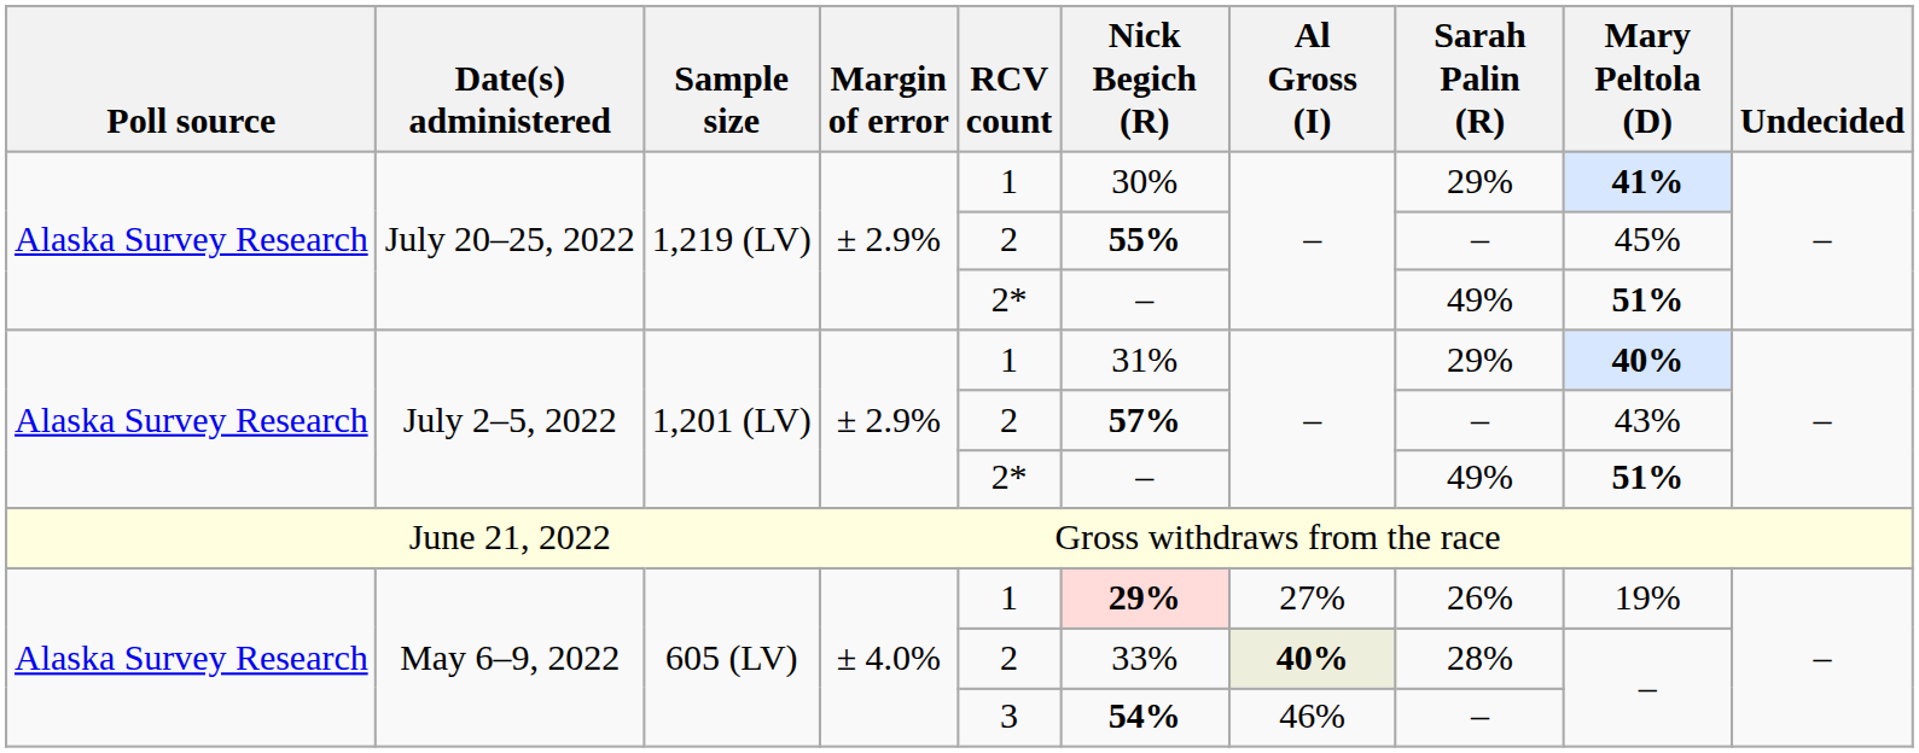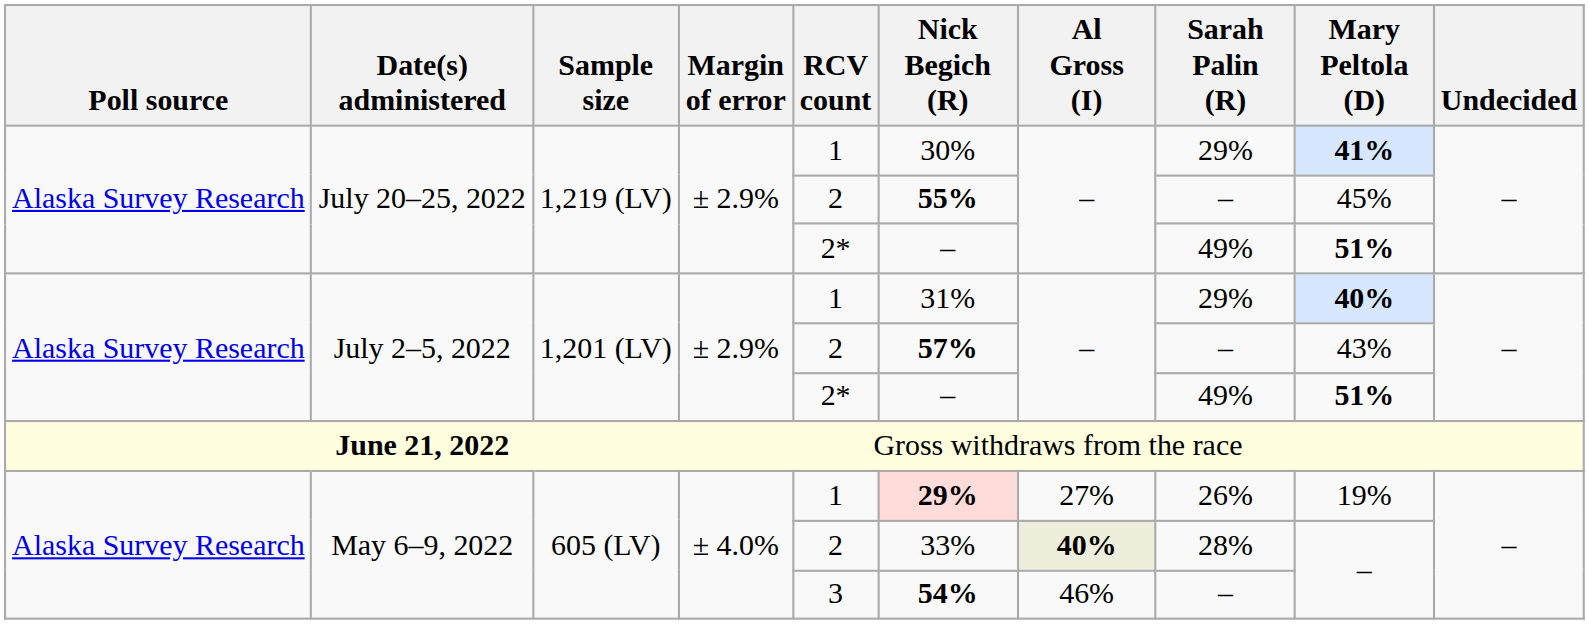 <table class="wikitable" style="font-size:90%;text-align:center;">
 <tr valign=bottom>
 <th>Poll source</th>
 <th>Date(s)<br>administered</th>
 <th>Sample<br>size</th>
 <th>Margin<br>of error</th>
 <th>RCV<br>count</th>
 <th style="width:60px;">Nick<br>Begich<br>(R)</th>
 <th style="width:60px;">Al<br>Gross<br>(I)</th>
 <th style="width:60px;">Sarah<br>Palin<br>(R)</th>
 <th style="width:60px;">Mary<br>Peltola<br>(D)</th>
 <th>Undecided</th>
 </tr>
 <tr>
 <td style="text-align:left;" rowspan="3"><a href='#'>Alaska Survey Research</a></td>
 <td rowspan="3">July 20–25, 2022</td>
 <td rowspan="3">1,219 (LV)</td>
 <td rowspan="3">± 2.9%</td>
 <td>1</td>
 <td>30%</td>
 <td rowspan="3">–</td>
 <td>29%</td>
 <td style="background:#D7E7FF;"><strong>41%</strong></td>
 <td rowspan="3">–</td>
 </tr>
 <tr>
 <td>2</td>
 <td><strong>55%</strong></td>
 <td>–</td>
 <td>45%</td>
 </tr>
 <tr>
 <td>2*</td>
 <td>–</td>
 <td>49%</td>
 <td><strong>51%</strong></td>
 </tr>
 <tr>
 <td style="text-align:left;" rowspan="3"><a href='#'>Alaska Survey Research</a></td>
 <td rowspan="3">July 2–5, 2022</td>
 <td rowspan="3">1,201 (LV)</td>
 <td rowspan="3">± 2.9%</td>
 <td>1</td>
 <td>31%</td>
 <td rowspan="3">–</td>
 <td>29%</td>
 <td style="background:#D7E7FF;"><strong>40%</strong></td>
 <td rowspan="3">–</td>
 </tr>
 <tr>
 <td>2</td>
 <td><strong>57%</strong></td>
 <td>–</td>
 <td>43%</td>
 </tr>
 <tr>
 <td>2*</td>
 <td>–</td>
 <td>49%</td>
 <td><strong>51%</strong></td>
 </tr>
 <tr style="background:lightyellow;">
 <td style="border-right-style:hidden;"></td>
-<td style="border-right-style:hidden;">June 21, 2022</td>
+<td style="border-right-style:hidden;"><strong>June 21, 2022</strong></td>
 <td colspan="8">Gross withdraws from the race</td>
 </tr>
 <tr>
 <td style="text-align:left;" rowspan="3"><a href='#'>Alaska Survey Research</a></td>
 <td rowspan="3">May 6–9, 2022</td>
 <td rowspan="3">605 (LV)</td>
 <td rowspan="3">± 4.0%</td>
 <td>1</td>
 <td style="background:#FFDBDA;"><strong>29%</strong></td>
 <td>27%</td>
 <td>26%</td>
 <td>19%</td>
 <td rowspan="3">–</td>
 </tr>
 <tr>
 <td>2</td>
 <td>33%</td>
 <td style="background:#eed;"><strong>40%</strong></td>
 <td>28%</td>
 <td rowspan="2">–</td>
 </tr>
 <tr>
 <td>3</td>
 <td><strong>54%</strong></td>
 <td>46%</td>
 <td>–</td>
 </tr>
 </table>
